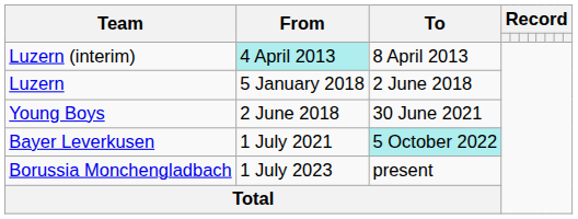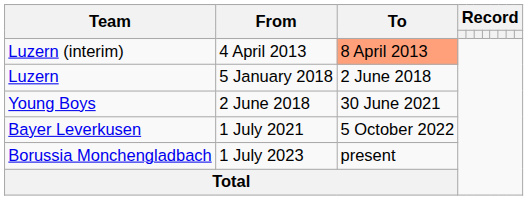 <table class="wikitable" style="text-align: center">
 <tr>
 <th rowspan="2">Team</th>
 <th rowspan="2">From</th>
 <th rowspan="2">To</th>
 <th colspan="8">Record</th>
 </tr>
 <tr>
 <th></th>
 <th></th>
 <th></th>
 <th></th>
 <th></th>
 <th></th>
 <th></th>
 <th></th>
 </tr>
 <tr>
 <td align="left"><a href='#'>Luzern</a> (interim)</td>
-<td align=left style="background: paleturquoise;">4 April 2013</td>
-<td align=left>8 April 2013<br></td>
+<td align=left>4 April 2013</td>
+<td align=left style="background: lightsalmon;">8 April 2013<br></td>
 </tr>
 <tr>
 <td align="left"><a href='#'>Luzern</a></td>
 <td align=left>5 January 2018</td>
 <td align=left>2 June 2018<br></td>
 </tr>
 <tr>
 <td align="left"><a href='#'>Young Boys</a></td>
 <td align=left>2 June 2018</td>
 <td align=left>30 June 2021<br></td>
 </tr>
 <tr>
 <td align="left"><a href='#'>Bayer Leverkusen</a></td>
 <td align=left>1 July 2021</td>
-<td align=left style="background: paleturquoise;">5 October 2022<br></td>
+<td align=left>5 October 2022<br></td>
 </tr>
 <tr>
 <td align="left"><a href='#'>Borussia Monchengladbach</a></td>
 <td align=left>1 July 2023</td>
 <td align=left>present<br></td>
 </tr>
 <tr>
 <th colspan="3">Total<br></th>
 </tr>
 </table>
